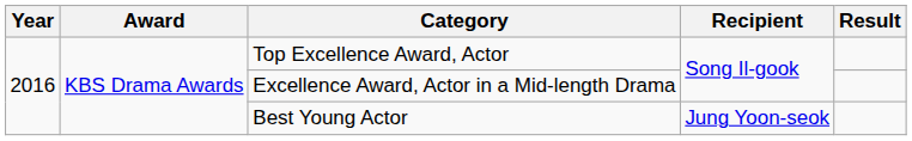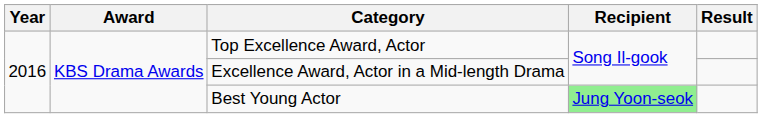 <table class="wikitable">
 <tr>
 <th>Year</th>
 <th>Award</th>
 <th>Category</th>
 <th>Recipient</th>
 <th>Result</th>
 </tr>
 <tr>
 <td rowspan=3>2016</td>
 <td rowspan=3><a href='#'>KBS Drama Awards</a></td>
 <td>Top Excellence Award, Actor</td>
 <td rowspan=2><a href='#'>Song Il-gook</a></td>
 <td></td>
 </tr>
 <tr>
 <td>Excellence Award, Actor in a Mid-length Drama</td>
 <td></td>
 </tr>
 <tr>
 <td>Best Young Actor</td>
-<td><a href='#'>Jung Yoon-seok</a></td>
+<td style="background: lightgreen;"><a href='#'>Jung Yoon-seok</a></td>
 <td></td>
 </tr>
 </table>
